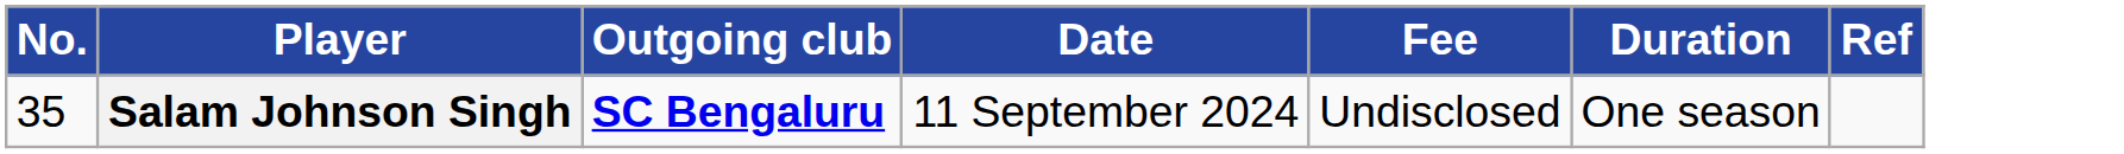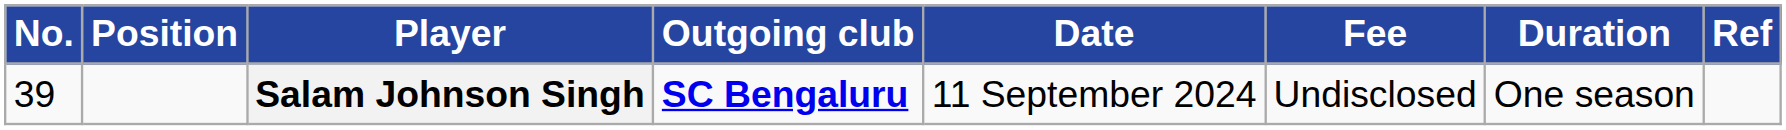 <table class="wikitable plainrowheaders" style="text-align:center; text-align:left">
 <tr>
 <th style="background:#2545A0; color:#FFFFFF; ">No.</th>
+<th scope="col" style="background:#2545A0; color:#FFFFFF; ">Position</th>
 <th scope="col" style="background:#2545A0; color:#FFFFFF; ">Player</th>
 <th scope="col" style="background:#2545A0; color:#FFFFFF; ">Outgoing club</th>
 <th scope="col" style="background:#2545A0; color:#FFFFFF; ">Date</th>
 <th scope="col" style="background:#2545A0; color:#FFFFFF; ">Fee</th>
 <th scope="col" style="background:#2545A0; color:#FFFFFF; ">Duration</th>
 <th scope="col" style="background:#2545A0; color:#FFFFFF; ">Ref</th>
 </tr>
 <tr>
-<td>35</td>
+<td>39</td>
+<td></td>
 <th scope="row"> Salam Johnson Singh</th>
 <td><strong><a href='#'>SC Bengaluru</a></strong></td>
 <td>11 September 2024</td>
 <td>Undisclosed</td>
 <td>One season</td>
 <td></td>
 </tr>
 </table>
